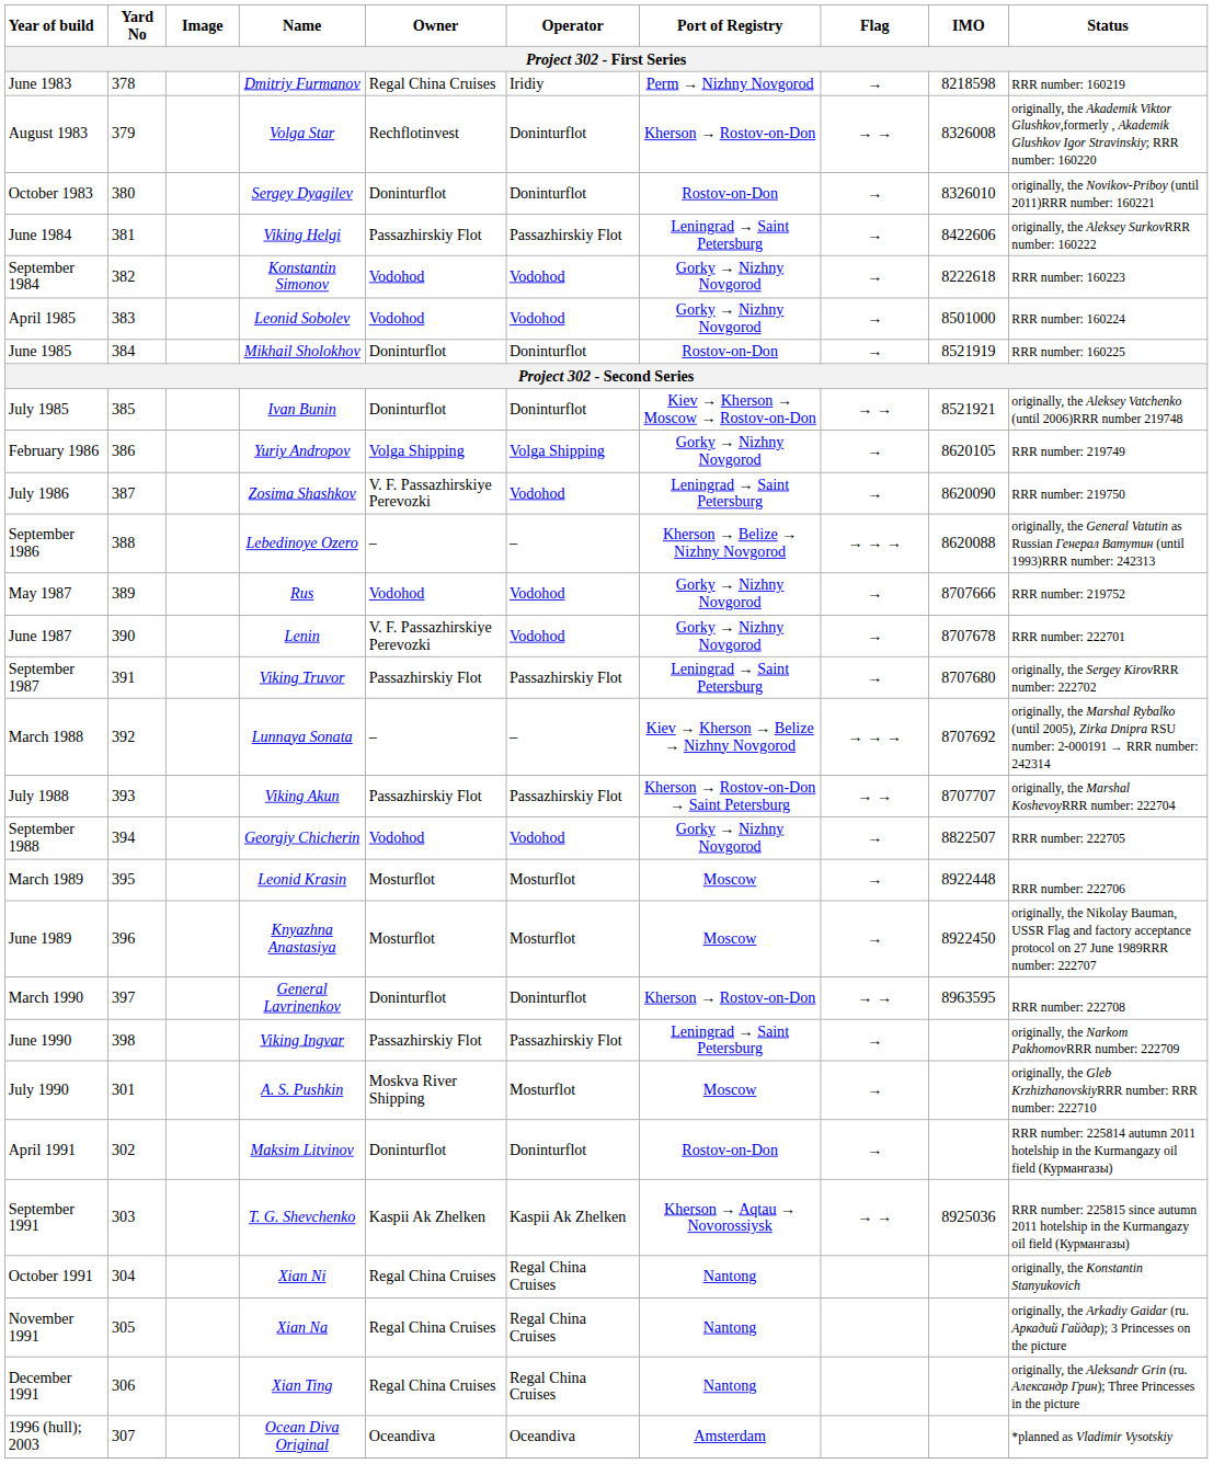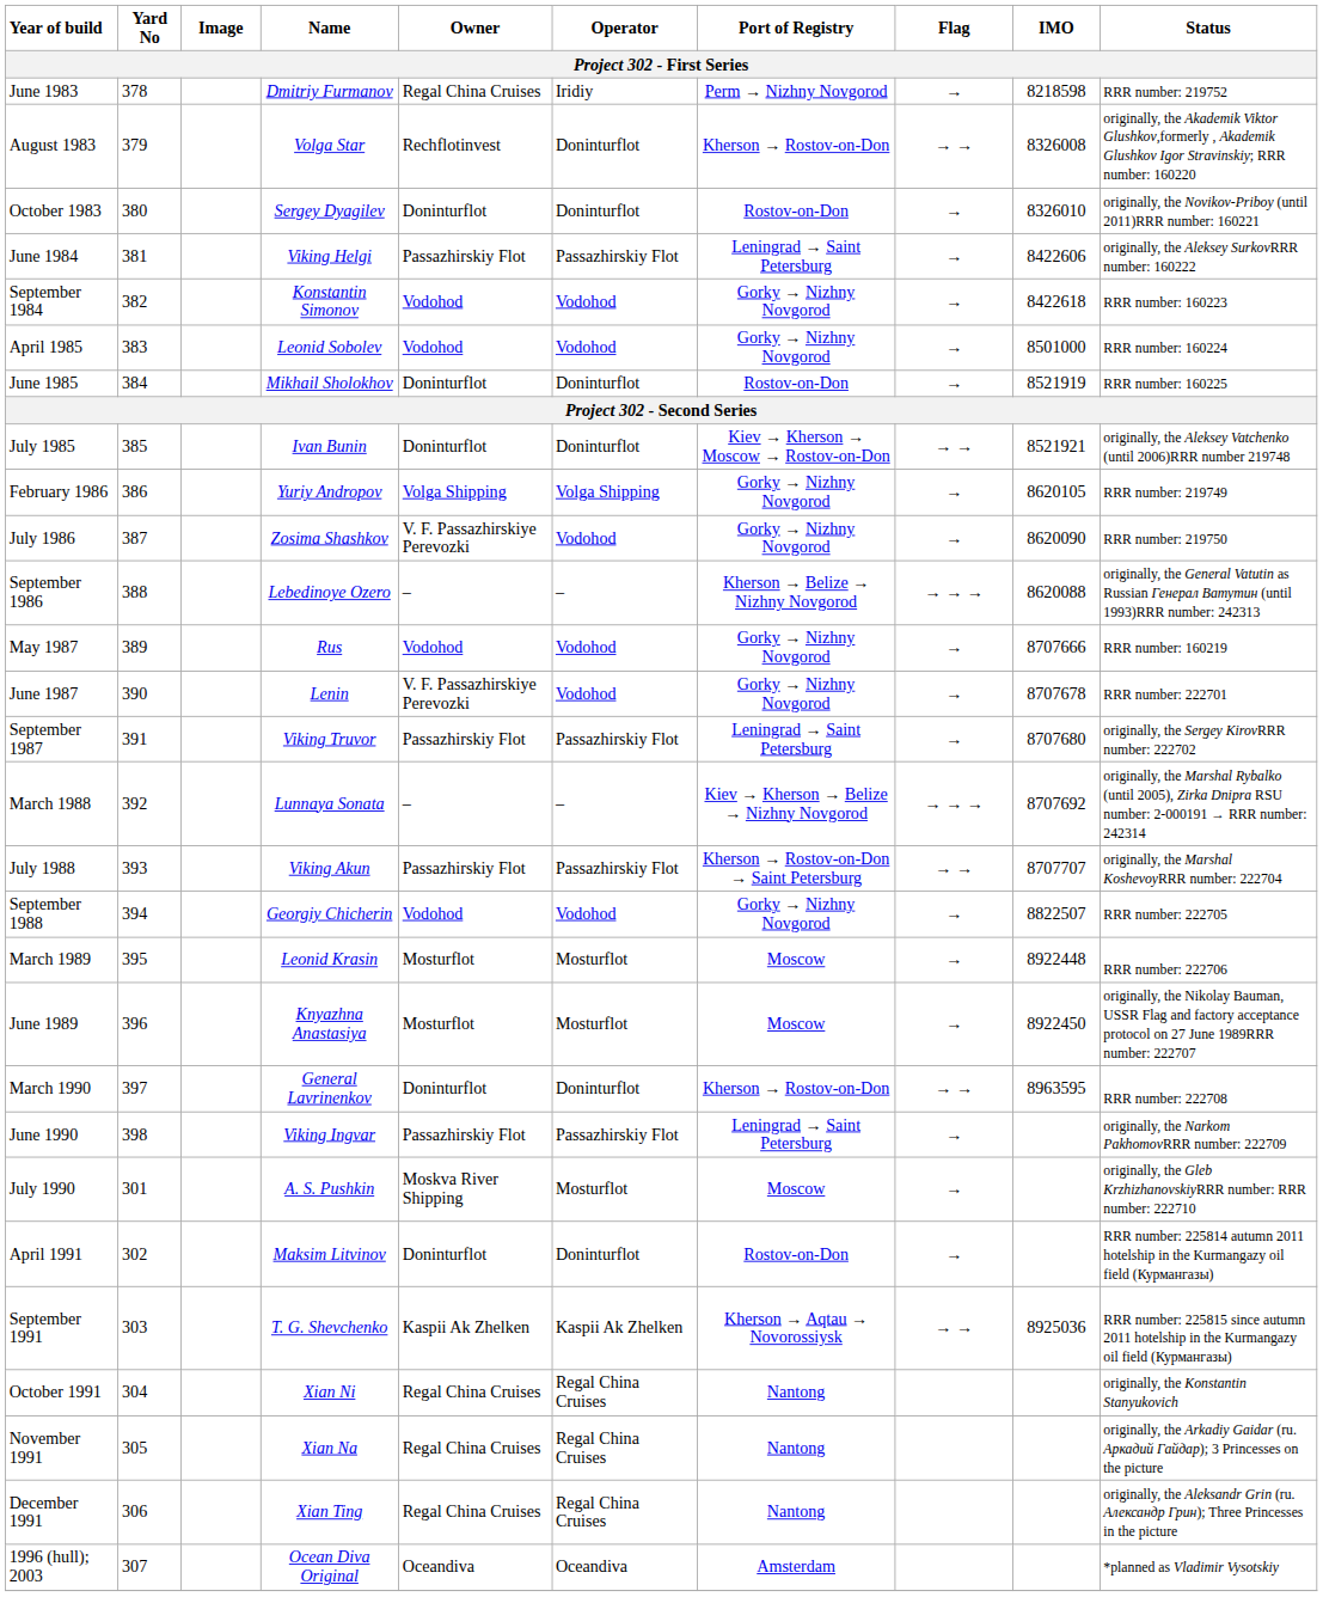 <table class="sortable wikitable" style="background:white; text-align:left; font-size">
 <tr>
 <td width="5%"><strong>Year of build</strong></td>
 <td width="3%" align="Center"><strong>Yard No</strong></td>
 <td width="4%" align="Center"><strong>Image</strong></td>
 <td width="7%" align="Center"><strong>Name</strong></td>
 <td width="7%" align="Center"><strong>Owner</strong></td>
 <td width="7%" align="Center"><strong>Operator</strong></td>
 <td width="10%" align="Center"><strong>Port of Registry</strong></td>
 <td width="6%" align="Center"><strong>Flag</strong></td>
 <td width="3%" align="Center"><strong>IMO</strong></td>
 <td width="11%" align="Center"><strong>Status</strong></td>
 </tr>
 <tr>
 <th colspan="10" style="text-align:center"><em>Project 302</em> - First Series</th>
 </tr>
 <tr>
 <td align=Left>June 1983</td>
 <td>378</td>
 <td></td>
 <td align="Center"><em><a href='#'>Dmitriy Furmanov</a></em></td>
 <td align=Left>Regal China Cruises</td>
 <td align=Left>Iridiy</td>
 <td align="Center"><a href='#'>Perm</a> → <a href='#'>Nizhny Novgorod</a></td>
 <td align="Center"> → </td>
 <td align="Center">8218598</td>
-<td><small> RRR number: 160219 </small></td>
+<td><small>  RRR number: 219752 </small></td>
 </tr>
 <tr>
 <td align=Left>August 1983</td>
 <td>379</td>
 <td></td>
 <td align="Center"><em><a href='#'>Volga Star</a></em></td>
 <td align=Left>Rechflotinvest</td>
 <td align=Left>Doninturflot</td>
 <td align="Center"><a href='#'>Kherson</a> → <a href='#'>Rostov-on-Don</a></td>
 <td align="Center"> →  → </td>
 <td align="Center">8326008</td>
 <td><small> originally, the <em>Akademik Viktor Glushkov</em>,formerly , <em>Akademik Glushkov</em> <em>Igor Stravinskiy</em>; RRR number: 160220 </small></td>
 </tr>
 <tr>
 <td align=Left>October 1983</td>
 <td>380</td>
 <td></td>
 <td align="Center"><em><a href='#'>Sergey Dyagilev</a></em></td>
 <td align=Left>Doninturflot</td>
 <td align=Left>Doninturflot</td>
 <td align="Center"><a href='#'>Rostov-on-Don</a></td>
 <td align="Center"> → </td>
 <td align="Center">8326010</td>
 <td><small> originally, the <em>Novikov-Priboy</em> (until 2011)RRR number: 160221 </small></td>
 </tr>
 <tr>
 <td align=Left>June 1984</td>
 <td>381</td>
 <td></td>
 <td align="Center"><em><a href='#'>Viking Helgi</a></em></td>
 <td align=Left>Passazhirskiy Flot</td>
 <td align=Left>Passazhirskiy Flot</td>
 <td align="Center"><a href='#'>Leningrad</a> → <a href='#'>Saint Petersburg</a></td>
 <td align="Center"> → </td>
 <td align="Center">8422606</td>
 <td><small> originally, the <em>Aleksey Surkov</em>RRR number: 160222 </small></td>
 </tr>
 <tr>
 <td align=Left>September 1984</td>
 <td>382</td>
 <td></td>
 <td align="Center"><em><a href='#'>Konstantin Simonov</a></em></td>
 <td align=Left><a href='#'>Vodohod</a></td>
 <td align=Left><a href='#'>Vodohod</a></td>
 <td align="Center"><a href='#'>Gorky</a> → <a href='#'>Nizhny Novgorod</a></td>
 <td align="Center"> → </td>
-<td align="Center">8222618</td>
+<td align="Center">8422618</td>
 <td><small> RRR number: 160223 </small></td>
 </tr>
 <tr>
 <td align=Left>April 1985</td>
 <td>383</td>
 <td></td>
 <td align="Center"><em><a href='#'>Leonid Sobolev</a></em></td>
 <td align=Left><a href='#'>Vodohod</a></td>
 <td align=Left><a href='#'>Vodohod</a></td>
 <td align="Center"><a href='#'>Gorky</a> → <a href='#'>Nizhny Novgorod</a></td>
 <td align="Center"> → </td>
 <td align="Center">8501000</td>
 <td><small> RRR number: 160224 </small></td>
 </tr>
 <tr>
 <td align=Left>June 1985</td>
 <td>384</td>
 <td></td>
 <td align="Center"><em><a href='#'>Mikhail Sholokhov</a></em></td>
 <td align=Left>Doninturflot</td>
 <td align=Left>Doninturflot</td>
 <td align="Center"><a href='#'>Rostov-on-Don</a></td>
 <td align="Center"> → </td>
 <td align="Center">8521919</td>
 <td><small>RRR number: 160225 </small></td>
 </tr>
 <tr>
 <th colspan="10" style="text-align:center"><em>Project 302</em> - Second Series</th>
 </tr>
 <tr>
 <td align=Left>July 1985</td>
 <td>385</td>
 <td></td>
 <td align="Center"><em><a href='#'>Ivan Bunin</a></em></td>
 <td align=Left>Doninturflot</td>
 <td align=Left>Doninturflot</td>
 <td align="Center"><a href='#'>Kiev</a> →  <a href='#'>Kherson</a> → <a href='#'>Moscow</a> → <a href='#'>Rostov-on-Don</a></td>
 <td align="Center"> →  → </td>
 <td align="Center">8521921</td>
 <td><small> originally, the <em>Aleksey Vatchenko</em> (until 2006)RRR number 219748 </small></td>
 </tr>
 <tr>
 <td align=Left>February 1986</td>
 <td>386</td>
 <td></td>
 <td align="Center"><em><a href='#'>Yuriy Andropov</a></em></td>
 <td align=Left><a href='#'>Volga Shipping</a></td>
 <td align=Left><a href='#'>Volga Shipping</a></td>
 <td align="Center"><a href='#'>Gorky</a> → <a href='#'>Nizhny Novgorod</a></td>
 <td align="Center"> → </td>
 <td align="Center">8620105</td>
 <td><small> RRR number: 219749 </small></td>
 </tr>
 <tr>
 <td align=Left>July 1986</td>
 <td>387</td>
 <td></td>
 <td align="Center"><em><a href='#'>Zosima Shashkov</a></em></td>
 <td align=Left>V. F. Passazhirskiye Perevozki</td>
 <td align=Left><a href='#'>Vodohod</a></td>
-<td align="Center"><a href='#'>Leningrad</a> → <a href='#'>Saint Petersburg</a></td>
+<td align="Center"><a href='#'>Gorky</a> → <a href='#'>Nizhny Novgorod</a></td>
 <td align="Center"> → </td>
 <td align="Center">8620090</td>
 <td><small>  RRR number: 219750 </small></td>
 </tr>
 <tr>
 <td align=Left>September 1986</td>
 <td>388</td>
 <td></td>
 <td align="Center"><em><a href='#'>Lebedinoye Ozero</a></em></td>
 <td align=Left>–</td>
 <td align=Left>–</td>
 <td align="Center"><a href='#'>Kherson</a> → <a href='#'>Belize</a> → <a href='#'>Nizhny Novgorod</a></td>
 <td align="Center"> →  →  → </td>
 <td align="Center">8620088</td>
 <td><small> originally, the <em>General Vatutin</em> as Russian <em>Генерал Ватутин</em> (until 1993)RRR number: 242313</small></td>
 </tr>
 <tr>
 <td align=Left>May 1987</td>
 <td>389</td>
 <td></td>
 <td align="Center"><em><a href='#'>Rus</a></em></td>
 <td align=Left><a href='#'>Vodohod</a></td>
 <td align=Left><a href='#'>Vodohod</a></td>
 <td align="Center"><a href='#'>Gorky</a> → <a href='#'>Nizhny Novgorod</a></td>
 <td align="Center"> → </td>
 <td align="Center">8707666</td>
-<td><small>  RRR number: 219752 </small></td>
+<td><small> RRR number: 160219 </small></td>
 </tr>
 <tr>
 <td align=Left>June 1987</td>
 <td>390</td>
 <td></td>
 <td align="Center"><em><a href='#'>Lenin</a></em></td>
 <td align=Left>V. F. Passazhirskiye Perevozki</td>
 <td align=Left><a href='#'>Vodohod</a></td>
 <td align="Center"><a href='#'>Gorky</a> → <a href='#'>Nizhny Novgorod</a></td>
 <td align="Center"> → </td>
 <td align="Center">8707678</td>
 <td><small> RRR number: 222701 </small></td>
 </tr>
 <tr>
 <td align=Left>September 1987</td>
 <td>391</td>
 <td></td>
 <td align="Center"><em><a href='#'>Viking Truvor</a></em></td>
 <td align=Left>Passazhirskiy Flot</td>
 <td align=Left>Passazhirskiy Flot</td>
 <td align="Center"><a href='#'>Leningrad</a> → <a href='#'>Saint Petersburg</a></td>
 <td align="Center"> → </td>
 <td align="Center">8707680</td>
 <td><small> originally, the <em>Sergey Kirov</em>RRR number: 222702 </small></td>
 </tr>
 <tr>
 <td align=Left>March 1988</td>
 <td>392</td>
 <td></td>
 <td align="Center"><em><a href='#'>Lunnaya Sonata</a></em></td>
 <td align=Left>–</td>
 <td align=Left>–</td>
 <td align="Center"><a href='#'>Kiev</a> →  <a href='#'>Kherson</a> → <a href='#'>Belize</a> → <a href='#'>Nizhny Novgorod</a></td>
 <td align="Center"> →  →  → </td>
 <td align="Center">8707692</td>
 <td><small> originally, the <em>Marshal Rybalko</em> (until 2005), <em>Zirka Dnipra</em> RSU number: 2-000191 → RRR number: 242314</small></td>
 </tr>
 <tr>
 <td align=Left>July 1988</td>
 <td>393</td>
 <td></td>
 <td align="Center"><em><a href='#'>Viking Akun</a></em></td>
 <td align=Left>Passazhirskiy Flot</td>
 <td align=Left>Passazhirskiy Flot</td>
 <td align="Center"><a href='#'>Kherson</a> → <a href='#'>Rostov-on-Don</a> →  <a href='#'>Saint Petersburg</a></td>
 <td align="Center"> →  → </td>
 <td align="Center">8707707</td>
 <td><small> originally, the <em>Marshal Koshevoy</em>RRR number: 222704 </small></td>
 </tr>
 <tr>
 <td align=Left>September 1988</td>
 <td>394</td>
 <td></td>
 <td align="Center"><em><a href='#'>Georgiy Chicherin</a></em></td>
 <td align=Left><a href='#'>Vodohod</a></td>
 <td align=Left><a href='#'>Vodohod</a></td>
 <td align="Center"><a href='#'>Gorky</a> → <a href='#'>Nizhny Novgorod</a></td>
 <td align="Center"> → </td>
 <td align="Center">8822507</td>
 <td><small>RRR number: 222705 </small></td>
 </tr>
 <tr>
 <td align=Left>March 1989</td>
 <td>395</td>
 <td></td>
 <td align="Center"><em><a href='#'>Leonid Krasin</a></em></td>
 <td align=Left>Mosturflot</td>
 <td align=Left>Mosturflot</td>
 <td align="Center"><a href='#'>Moscow</a></td>
 <td align="Center"> → </td>
 <td align="Center">8922448</td>
 <td><small>   <br>RRR number: 222706 </small></td>
 </tr>
 <tr>
 <td align=Left>June 1989</td>
 <td>396</td>
 <td></td>
 <td align="Center"><em><a href='#'>Knyazhna Anastasiya</a></em></td>
 <td align=Left>Mosturflot</td>
 <td align=Left>Mosturflot</td>
 <td align="Center"><a href='#'>Moscow</a></td>
 <td align="Center"> → </td>
 <td align="Center">8922450</td>
 <td><small> originally, the Nikolay Bauman, USSR Flag and factory acceptance protocol on 27 June 1989RRR number: 222707 </small></td>
 </tr>
 <tr>
 <td align=Left>March 1990</td>
 <td>397</td>
 <td></td>
 <td align="Center"><em><a href='#'>General Lavrinenkov</a></em></td>
 <td align=Left>Doninturflot</td>
 <td align=Left>Doninturflot</td>
 <td align="Center"><a href='#'>Kherson</a> → <a href='#'>Rostov-on-Don</a></td>
 <td align="Center"> →  → </td>
 <td align="Center">8963595</td>
 <td><small>   <br>RRR number: 222708 </small></td>
 </tr>
 <tr>
 <td align=Left>June 1990</td>
 <td>398</td>
 <td></td>
 <td align="Center"><em><a href='#'>Viking Ingvar</a></em></td>
 <td align=Left>Passazhirskiy Flot</td>
 <td align=Left>Passazhirskiy Flot</td>
 <td align="Center"><a href='#'>Leningrad</a> → <a href='#'>Saint Petersburg</a></td>
 <td align="Center"> → </td>
 <td align="Center"></td>
 <td><small> originally, the <em>Narkom Pakhomov</em>RRR number: 222709 </small></td>
 </tr>
 <tr>
 <td align=Left>July 1990</td>
 <td>301</td>
 <td></td>
 <td align="Center"><em><a href='#'>A. S. Pushkin</a></em></td>
 <td align=Left>Moskva River Shipping</td>
 <td align=Left>Mosturflot</td>
 <td align="Center"><a href='#'>Moscow</a></td>
 <td align="Center"> → </td>
 <td align="Center"></td>
 <td><small>originally, the <em>Gleb Krzhizhanovskiy</em>RRR number: RRR number: 222710 </small></td>
 </tr>
 <tr>
 <td align=Left>April 1991</td>
 <td>302</td>
 <td></td>
 <td align="Center"><em><a href='#'>Maksim Litvinov</a></em></td>
 <td align=Left>Doninturflot</td>
 <td align=Left>Doninturflot</td>
 <td align="Center"><a href='#'>Rostov-on-Don</a></td>
 <td align="Center"> → </td>
 <td align="Center"></td>
 <td><small>RRR number: 225814  autumn 2011 hotelship in the Kurmangazy oil field (Курмангазы) </small></td>
 </tr>
 <tr>
 <td align=Left>September 1991</td>
 <td>303</td>
 <td></td>
 <td align="Center"><em><a href='#'>T. G. Shevchenko</a></em></td>
 <td align=Left>Kaspii Ak Zhelken</td>
 <td align=Left>Kaspii Ak Zhelken</td>
 <td align="Center"><a href='#'>Kherson</a> → <a href='#'>Aqtau</a> → <a href='#'>Novorossiysk</a></td>
 <td align="Center"> →  → </td>
 <td align="Center">8925036</td>
 <td><small>   <br>RRR number: 225815  since autumn 2011 hotelship in the Kurmangazy oil field (Курмангазы) </small></td>
 </tr>
 <tr>
 <td align=Left>October 1991</td>
 <td>304</td>
 <td></td>
 <td align="Center"><em><a href='#'>Xian Ni</a></em></td>
 <td align=Left>Regal China Cruises</td>
 <td align=Left>Regal China Cruises</td>
 <td align="Center"><a href='#'>Nantong</a></td>
 <td align="Center"></td>
 <td align="Center"></td>
 <td><small> originally, the <em>Konstantin Stanyukovich</em></small></td>
 </tr>
 <tr>
 <td align=Left>November 1991</td>
 <td>305</td>
 <td></td>
 <td align="Center"><em><a href='#'>Xian Na</a></em></td>
 <td align=Left>Regal China Cruises</td>
 <td align=Left>Regal China Cruises</td>
 <td align="Center"><a href='#'>Nantong</a></td>
 <td align="Center"></td>
 <td align="Center"></td>
 <td><small> originally, the <em>Arkadiy Gaidar</em> (ru. <em>Аркадий Гайдар</em>); 3 Princesses on the picture  </small></td>
 </tr>
 <tr>
 <td align=Left>December 1991</td>
 <td>306</td>
 <td></td>
 <td align="Center"><em><a href='#'>Xian Ting</a></em></td>
 <td align=Left>Regal China Cruises</td>
 <td align=Left>Regal China Cruises</td>
 <td align="Center"><a href='#'>Nantong</a></td>
 <td align="Center"></td>
 <td align="Center"></td>
 <td><small> originally, the <em>Aleksandr Grin</em> (ru. <em>Александр Грин</em>); Three Princesses in the picture</small></td>
 </tr>
 <tr>
 <td align=Left>1996 (hull); 2003</td>
 <td>307</td>
 <td></td>
 <td align="Center"><em><a href='#'>Ocean Diva Original</a></em></td>
 <td align=Left>Oceandiva</td>
 <td align=Left>Oceandiva</td>
 <td align="Center"><a href='#'>Amsterdam</a></td>
 <td align="Center"></td>
 <td align="Center"></td>
 <td><small> *planned as <em>Vladimir Vysotskiy</em>  </small></td>
 </tr>
 <tr>
 </tr>
 </table>
